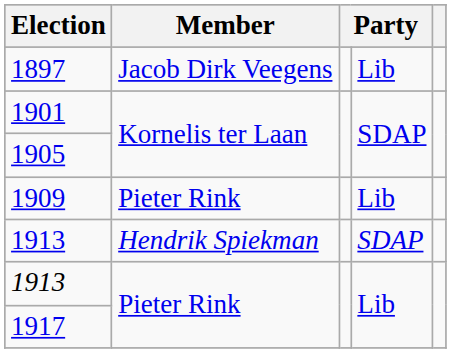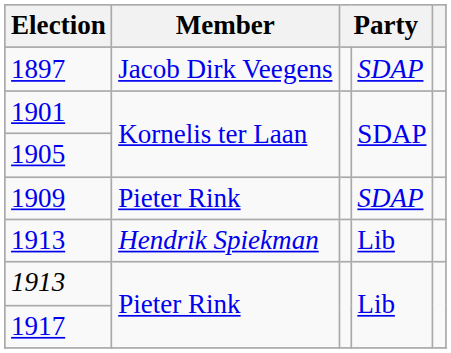 <table class="wikitable">
 <tr>
 <th scope="col">Election</th>
 <th scope="col">Member</th>
 <th scope="col" colspan="2">Party</th>
 <th scope="col"></th>
 </tr>
 <tr>
 <td scope="row"><a href='#'>1897</a></td>
 <td scope="row"><a href='#'>Jacob Dirk Veegens</a></td>
 <td scope="row" style="background-color:"></td>
-<td scope="row"><a href='#'>Lib</a></td>
+<td scope="row"><em><a href='#'>SDAP</a></em></td>
 <td scope="row"></td>
 </tr>
 <tr>
 <td scope="row"><a href='#'>1901</a></td>
 <td scope="row" rowspan=2><a href='#'>Kornelis ter Laan</a></td>
 <td scope="row" rowspan=2 style="background-color:"></td>
 <td scope="row" rowspan=2><a href='#'>SDAP</a></td>
 <td scope="row" rowspan=2></td>
 </tr>
 <tr>
 <td scope="row"><a href='#'>1905</a></td>
 </tr>
 <tr>
 <td scope="row"><a href='#'>1909</a></td>
 <td scope="row"><a href='#'>Pieter Rink</a></td>
 <td scope="row" style="background-color:"></td>
-<td scope="row"><a href='#'>Lib</a></td>
+<td scope="row"><em><a href='#'>SDAP</a></em></td>
 <td scope="row"></td>
 </tr>
 <tr>
 <td scope="row"><a href='#'>1913</a></td>
 <td scope="row"><em><a href='#'>Hendrik Spiekman</a></em></td>
 <td scope="row" style="background-color:"></td>
-<td scope="row"><em><a href='#'>SDAP</a></em></td>
+<td scope="row"><a href='#'>Lib</a></td>
 <td scope="row"></td>
 </tr>
 <tr>
 <td><em>1913</em></td>
 <td scope="row" rowspan=2><a href='#'>Pieter Rink</a></td>
 <td scope="row" rowspan=2 style="background-color:"></td>
 <td scope="row" rowspan=2><a href='#'>Lib</a></td>
 <td scope="row" rowspan=2></td>
 </tr>
 <tr>
 <td scope="row"><a href='#'>1917</a></td>
 </tr>
 </table>
